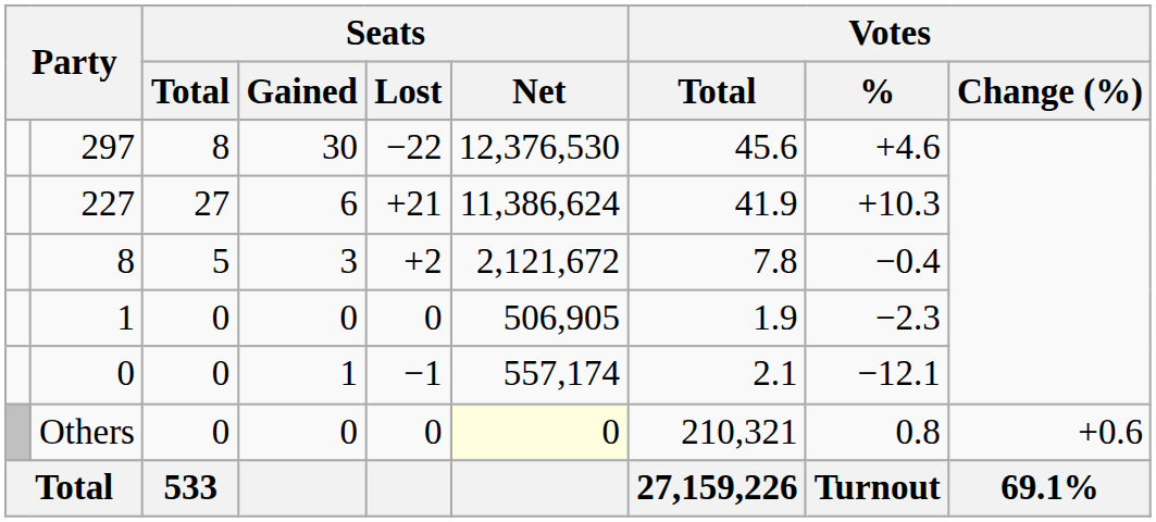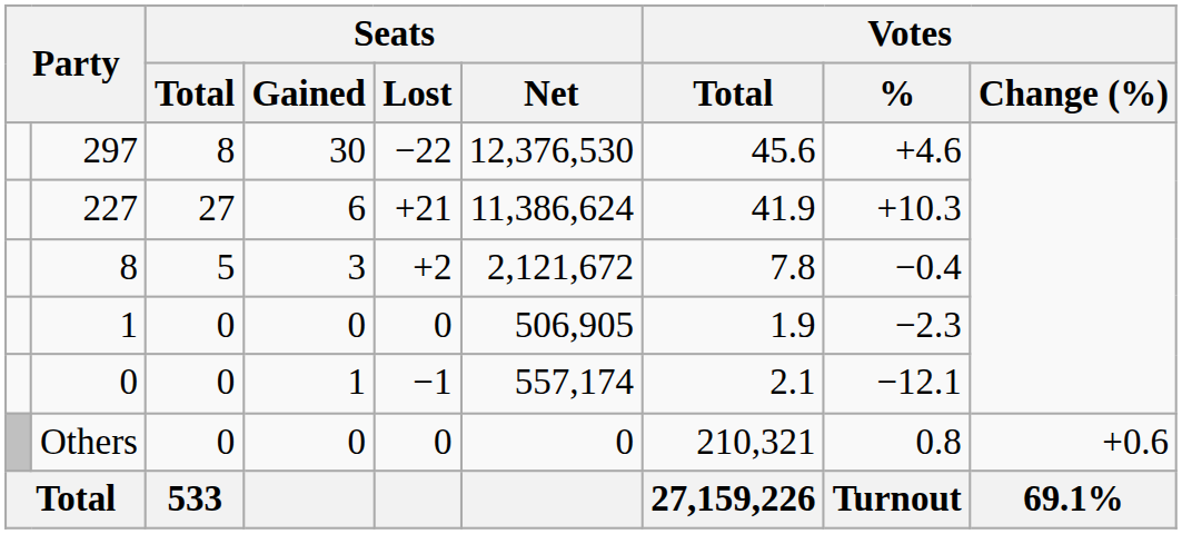 <table class="wikitable" style="text-align:right;">
 <tr>
 <th colspan="2" rowspan="2">Party</th>
 <th colspan="4">Seats</th>
 <th colspan="3">Votes</th>
 </tr>
 <tr>
 <th>Total</th>
 <th>Gained</th>
 <th>Lost</th>
 <th>Net</th>
 <th>Total</th>
 <th>%</th>
 <th>Change (%)</th>
 </tr>
 <tr>
 <td></td>
 <td>297</td>
 <td>8</td>
 <td>30</td>
 <td>−22</td>
 <td>12,376,530</td>
 <td>45.6</td>
 <td>+4.6</td>
 </tr>
 <tr>
 <td></td>
 <td>227</td>
 <td>27</td>
 <td>6</td>
 <td>+21</td>
 <td>11,386,624</td>
 <td>41.9</td>
 <td>+10.3</td>
 </tr>
 <tr>
 <td></td>
 <td>8</td>
 <td>5</td>
 <td>3</td>
 <td>+2</td>
 <td>2,121,672</td>
 <td>7.8</td>
 <td>−0.4</td>
 </tr>
 <tr>
 <td></td>
 <td>1</td>
 <td>0</td>
 <td>0</td>
 <td>0</td>
 <td>506,905</td>
 <td>1.9</td>
 <td>−2.3</td>
 </tr>
 <tr>
 <td></td>
 <td>0</td>
 <td>0</td>
 <td>1</td>
 <td>−1</td>
 <td>557,174</td>
 <td>2.1</td>
 <td>−12.1</td>
 </tr>
 <tr>
 <td style="background:silver;"> </td>
 <td align=left>Others</td>
 <td>0</td>
 <td>0</td>
 <td>0</td>
-<td style="background: lightyellow;">0</td>
+<td>0</td>
 <td>210,321</td>
 <td>0.8</td>
 <td>+0.6</td>
 </tr>
 <tr>
 <th colspan="2"><strong>Total</strong></th>
 <th>533</th>
 <th></th>
 <th></th>
 <th></th>
 <th>27,159,226</th>
 <th>Turnout</th>
 <th>69.1%</th>
 </tr>
 </table>
